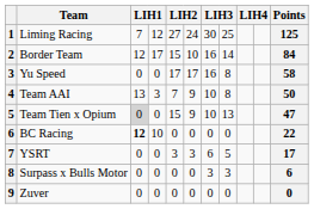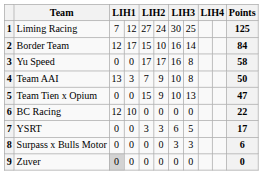 <table class="wikitable" style="font-size:85%; text-align:center;">
 <tr>
 <th></th>
 <th>Team</th>
 <th colspan=2>LIH1</th>
 <th colspan=2>LIH2</th>
 <th colspan=2>LIH3</th>
 <th colspan=2>LIH4</th>
 <th>Points</th>
 </tr>
 <tr>
 <th>1</th>
 <td align=left> Liming Racing</td>
 <td>7</td>
 <td>12</td>
 <td>27</td>
 <td>24</td>
 <td>30</td>
 <td>25</td>
 <td></td>
 <td></td>
 <th>125</th>
 </tr>
 <tr>
 <th>2</th>
 <td align=left> Border Team</td>
 <td>12</td>
 <td>17</td>
 <td>15</td>
 <td>10</td>
 <td>16</td>
 <td>14</td>
 <td></td>
 <td></td>
 <th>84</th>
 </tr>
 <tr>
 <th>3</th>
 <td align=left> Yu Speed</td>
 <td>0</td>
 <td>0</td>
 <td>17</td>
 <td>17</td>
 <td>16</td>
 <td>8</td>
 <td></td>
 <td></td>
 <th>58</th>
 </tr>
 <tr>
 <th>4</th>
 <td align=left> Team AAI</td>
 <td>13</td>
 <td>3</td>
 <td>7</td>
 <td>9</td>
 <td>10</td>
 <td>8</td>
 <td></td>
 <td></td>
 <th>50</th>
 </tr>
 <tr>
 <th>5</th>
 <td align=left> Team Tien x Opium</td>
-<td style="background: lightgrey;">0</td>
+<td>0</td>
 <td>0</td>
 <td>15</td>
 <td>9</td>
 <td>10</td>
 <td>13</td>
 <td></td>
 <td></td>
 <th>47</th>
 </tr>
 <tr>
 <th>6</th>
 <td align=left> BC Racing</td>
-<td><strong>12</strong></td>
+<td>12</td>
 <td>10</td>
 <td>0</td>
 <td>0</td>
 <td>0</td>
 <td>0</td>
 <td></td>
 <td></td>
 <th>22</th>
 </tr>
 <tr>
 <th>7</th>
 <td align=left> YSRT</td>
 <td>0</td>
 <td>0</td>
 <td>3</td>
 <td>3</td>
 <td>6</td>
 <td>5</td>
 <td></td>
 <td></td>
 <th>17</th>
 </tr>
 <tr>
 <th>8</th>
 <td align=left> Surpass x Bulls Motor</td>
 <td>0</td>
 <td>0</td>
 <td>0</td>
 <td>0</td>
 <td>3</td>
 <td>3</td>
 <td></td>
 <td></td>
 <th>6</th>
 </tr>
 <tr>
 <th>9</th>
 <td align=left> Zuver</td>
-<td>0</td>
+<td style="background: lightgrey;">0</td>
 <td>0</td>
 <td>0</td>
 <td>0</td>
 <td>0</td>
 <td>0</td>
 <td></td>
 <td></td>
 <th>0</th>
 </tr>
 </table>
